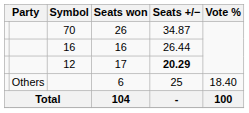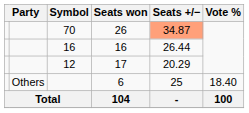 <table class="sortable wikitable" style="text-align:center">
 <tr>
 <th colspan="2">Party</th>
 <th>Symbol</th>
 <th>Seats won</th>
 <th><strong>Seats +/−</strong></th>
 <th>Vote %</th>
 </tr>
 <tr>
 <td></td>
 <td></td>
 <td>70</td>
 <td>26</td>
-<td>34.87</td>
+<td style="background: lightsalmon;">34.87</td>
 </tr>
 <tr>
 <td></td>
 <td></td>
 <td>16</td>
 <td>16</td>
 <td>26.44</td>
 </tr>
 <tr>
 <td></td>
 <td></td>
 <td>12</td>
 <td>17</td>
-<td><strong>20.29</strong></td>
+<td>20.29</td>
 </tr>
 <tr>
 <td bgcolor=></td>
 <td>Others</td>
 <td></td>
 <td>6</td>
 <td>25</td>
 <td>18.40</td>
 </tr>
 <tr>
 <th colspan="3">Total</th>
 <th>104</th>
 <th>-</th>
 <th>100</th>
 </tr>
 <tr>
 </tr>
 </table>
